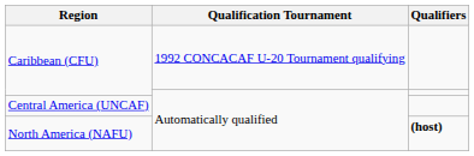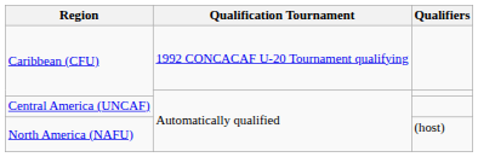 <table class=wikitable>
 <tr>
 <th>Region</th>
 <th>Qualification Tournament</th>
 <th>Qualifiers</th>
 </tr>
 <tr>
 <td rowspan="2"><a href='#'>Caribbean (CFU)</a></td>
 <td><a href='#'>1992 CONCACAF U-20 Tournament qualifying</a></td>
 <td><br><br> <br><br> </td>
 </tr>
 <tr>
 <td rowspan="3">Automatically qualified</td>
 <td></td>
 </tr>
 <tr>
 <td><a href='#'>Central America (UNCAF)</a></td>
 <td><br> </td>
 </tr>
 <tr>
 <td><a href='#'>North America (NAFU)</a></td>
-<td><strong> (host)<br><br></strong></td>
+<td> (host)<br><br></td>
 </tr>
 </table>
